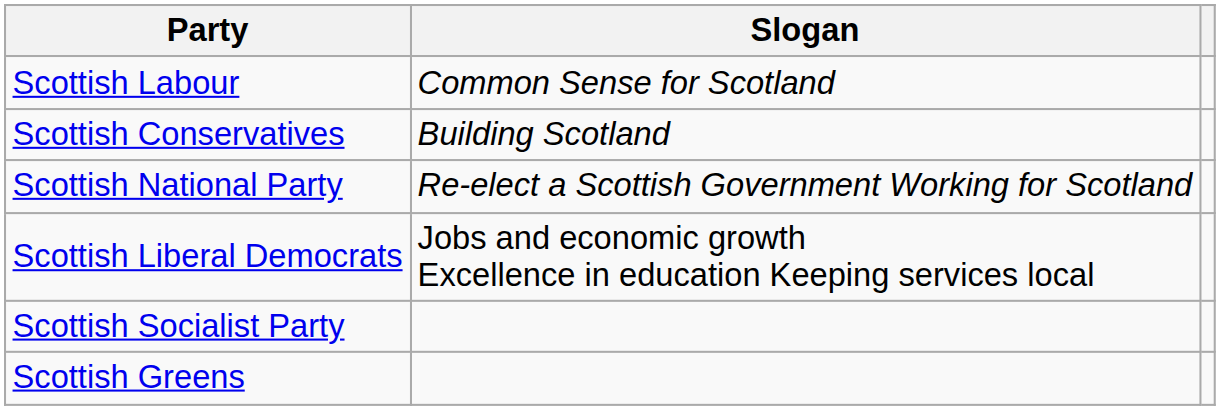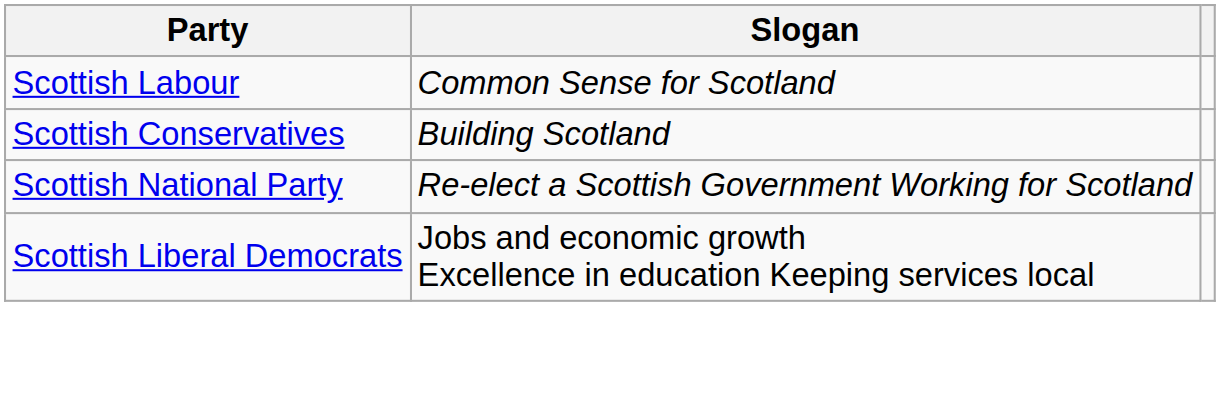 <table class="wikitable">
 <tr>
 <th>Party</th>
 <th>Slogan</th>
 <th></th>
 </tr>
 <tr>
 <td><a href='#'>Scottish Labour</a></td>
 <td><em>Common Sense for Scotland</em></td>
 <td></td>
 </tr>
 <tr>
 <td><a href='#'>Scottish Conservatives</a></td>
 <td><em>Building Scotland</em></td>
 <td></td>
 </tr>
 <tr>
 <td><a href='#'>Scottish National Party</a></td>
 <td><em>Re-elect a Scottish Government Working for Scotland</em></td>
 <td></td>
 </tr>
 <tr>
 <td><a href='#'>Scottish Liberal Democrats</a></td>
 <td>Jobs and economic growth<br>Excellence in education Keeping services local</td>
 <td></td>
 </tr>
-<tr>
-<td><a href='#'>Scottish Socialist Party</a></td>
-<td></td>
-<td></td>
-</tr>
-<tr>
-<td><a href='#'>Scottish Greens</a></td>
-<td></td>
-<td></td>
-</tr>
 </table>
